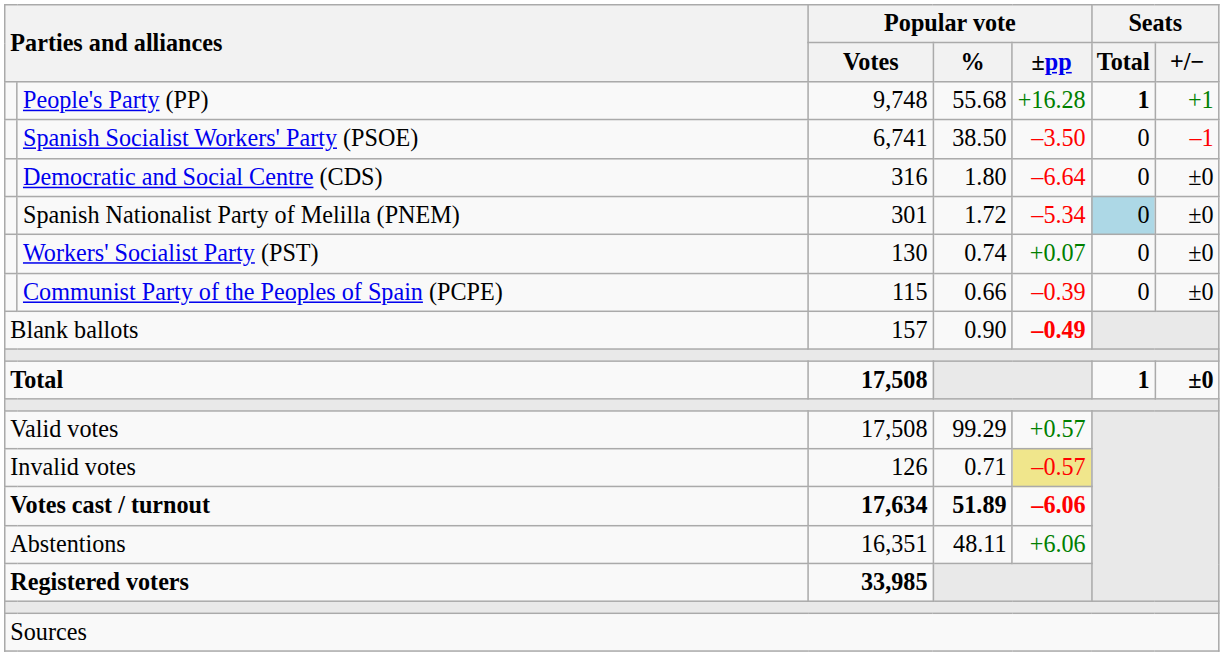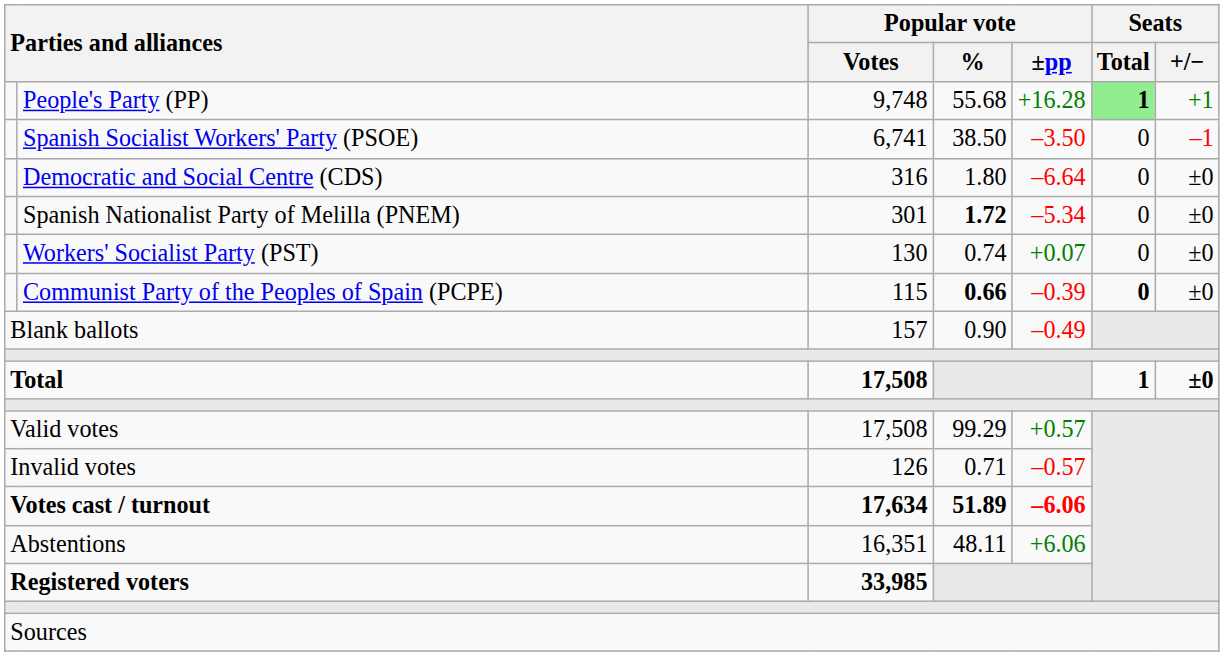 <table class="wikitable" style="text-align:right;">
 <tr>
 <th style="text-align:left;" rowspan="2" colspan="2" width="525">Parties and alliances</th>
 <th colspan="3">Popular vote</th>
 <th colspan="2">Seats</th>
 </tr>
 <tr>
 <th width="75">Votes</th>
 <th width="45">%</th>
 <th width="45">±<a href='#'>pp</a></th>
 <th width="35">Total</th>
 <th width="35">+/−</th>
 </tr>
 <tr>
 <td style="color:inherit;background:"></td>
 <td align="left"><a href='#'>People's Party</a> (PP)</td>
 <td>9,748</td>
 <td>55.68</td>
 <td style="color:green;">+16.28</td>
-<td><strong>1</strong></td>
+<td style="background: lightgreen;"><strong>1</strong></td>
 <td style="color:green;">+1</td>
 </tr>
 <tr>
 <td width="1" style="color:inherit;background:"></td>
 <td align="left"><a href='#'>Spanish Socialist Workers' Party</a> (PSOE)</td>
 <td>6,741</td>
 <td>38.50</td>
 <td style="color:red;">–3.50</td>
 <td>0</td>
 <td style="color:red;">–1</td>
 </tr>
 <tr>
 <td style="color:inherit;background:"></td>
 <td align="left"><a href='#'>Democratic and Social Centre</a> (CDS)</td>
 <td>316</td>
 <td>1.80</td>
 <td style="color:red;">–6.64</td>
 <td>0</td>
 <td>±0</td>
 </tr>
 <tr>
 <td style="color:inherit;background:"></td>
 <td align="left">Spanish Nationalist Party of Melilla (PNEM)</td>
 <td>301</td>
-<td>1.72</td>
+<td><strong>1.72</strong></td>
 <td style="color:red;">–5.34</td>
-<td style="background: lightblue;">0</td>
+<td>0</td>
 <td>±0</td>
 </tr>
 <tr>
 <td style="color:inherit;background:"></td>
 <td align="left"><a href='#'>Workers' Socialist Party</a> (PST)</td>
 <td>130</td>
 <td>0.74</td>
 <td style="color:green;">+0.07</td>
 <td>0</td>
 <td>±0</td>
 </tr>
 <tr>
 <td style="color:inherit;background:"></td>
 <td align="left"><a href='#'>Communist Party of the Peoples of Spain</a> (PCPE)</td>
 <td>115</td>
-<td>0.66</td>
+<td><strong>0.66</strong></td>
 <td style="color:red;">–0.39</td>
-<td>0</td>
+<td><strong>0</strong></td>
 <td>±0</td>
 </tr>
 <tr>
 <td align="left" colspan="2">Blank ballots</td>
 <td>157</td>
 <td>0.90</td>
-<td style="color:red;"><strong>–0.49</strong></td>
+<td style="color:red;">–0.49</td>
 <td bgcolor="#E9E9E9" colspan="2"></td>
 </tr>
 <tr>
 <td colspan="7" bgcolor="#E9E9E9"></td>
 </tr>
 <tr style="font-weight:bold;">
 <td align="left" colspan="2">Total</td>
 <td>17,508</td>
 <td bgcolor="#E9E9E9" colspan="2"></td>
 <td>1</td>
 <td>±0</td>
 </tr>
 <tr>
 <td colspan="7" bgcolor="#E9E9E9"></td>
 </tr>
 <tr>
 <td align="left" colspan="2">Valid votes</td>
 <td>17,508</td>
 <td>99.29</td>
 <td style="color:green;">+0.57</td>
 <td bgcolor="#E9E9E9" colspan="2" rowspan="5"></td>
 </tr>
 <tr>
 <td align="left" colspan="2">Invalid votes</td>
 <td>126</td>
 <td>0.71</td>
-<td style="background: khaki; color:red;">–0.57</td>
+<td style="color:red;">–0.57</td>
 </tr>
 <tr style="font-weight:bold;">
 <td align="left" colspan="2">Votes cast / turnout</td>
 <td>17,634</td>
 <td>51.89</td>
 <td style="color:red;">–6.06</td>
 </tr>
 <tr>
 <td align="left" colspan="2">Abstentions</td>
 <td>16,351</td>
 <td>48.11</td>
 <td style="color:green;">+6.06</td>
 </tr>
 <tr style="font-weight:bold;">
 <td align="left" colspan="2">Registered voters</td>
 <td>33,985</td>
 <td bgcolor="#E9E9E9" colspan="2"></td>
 </tr>
 <tr>
 <td colspan="7" bgcolor="#E9E9E9"></td>
 </tr>
 <tr>
 <td align="left" colspan="7">Sources</td>
 </tr>
 </table>
